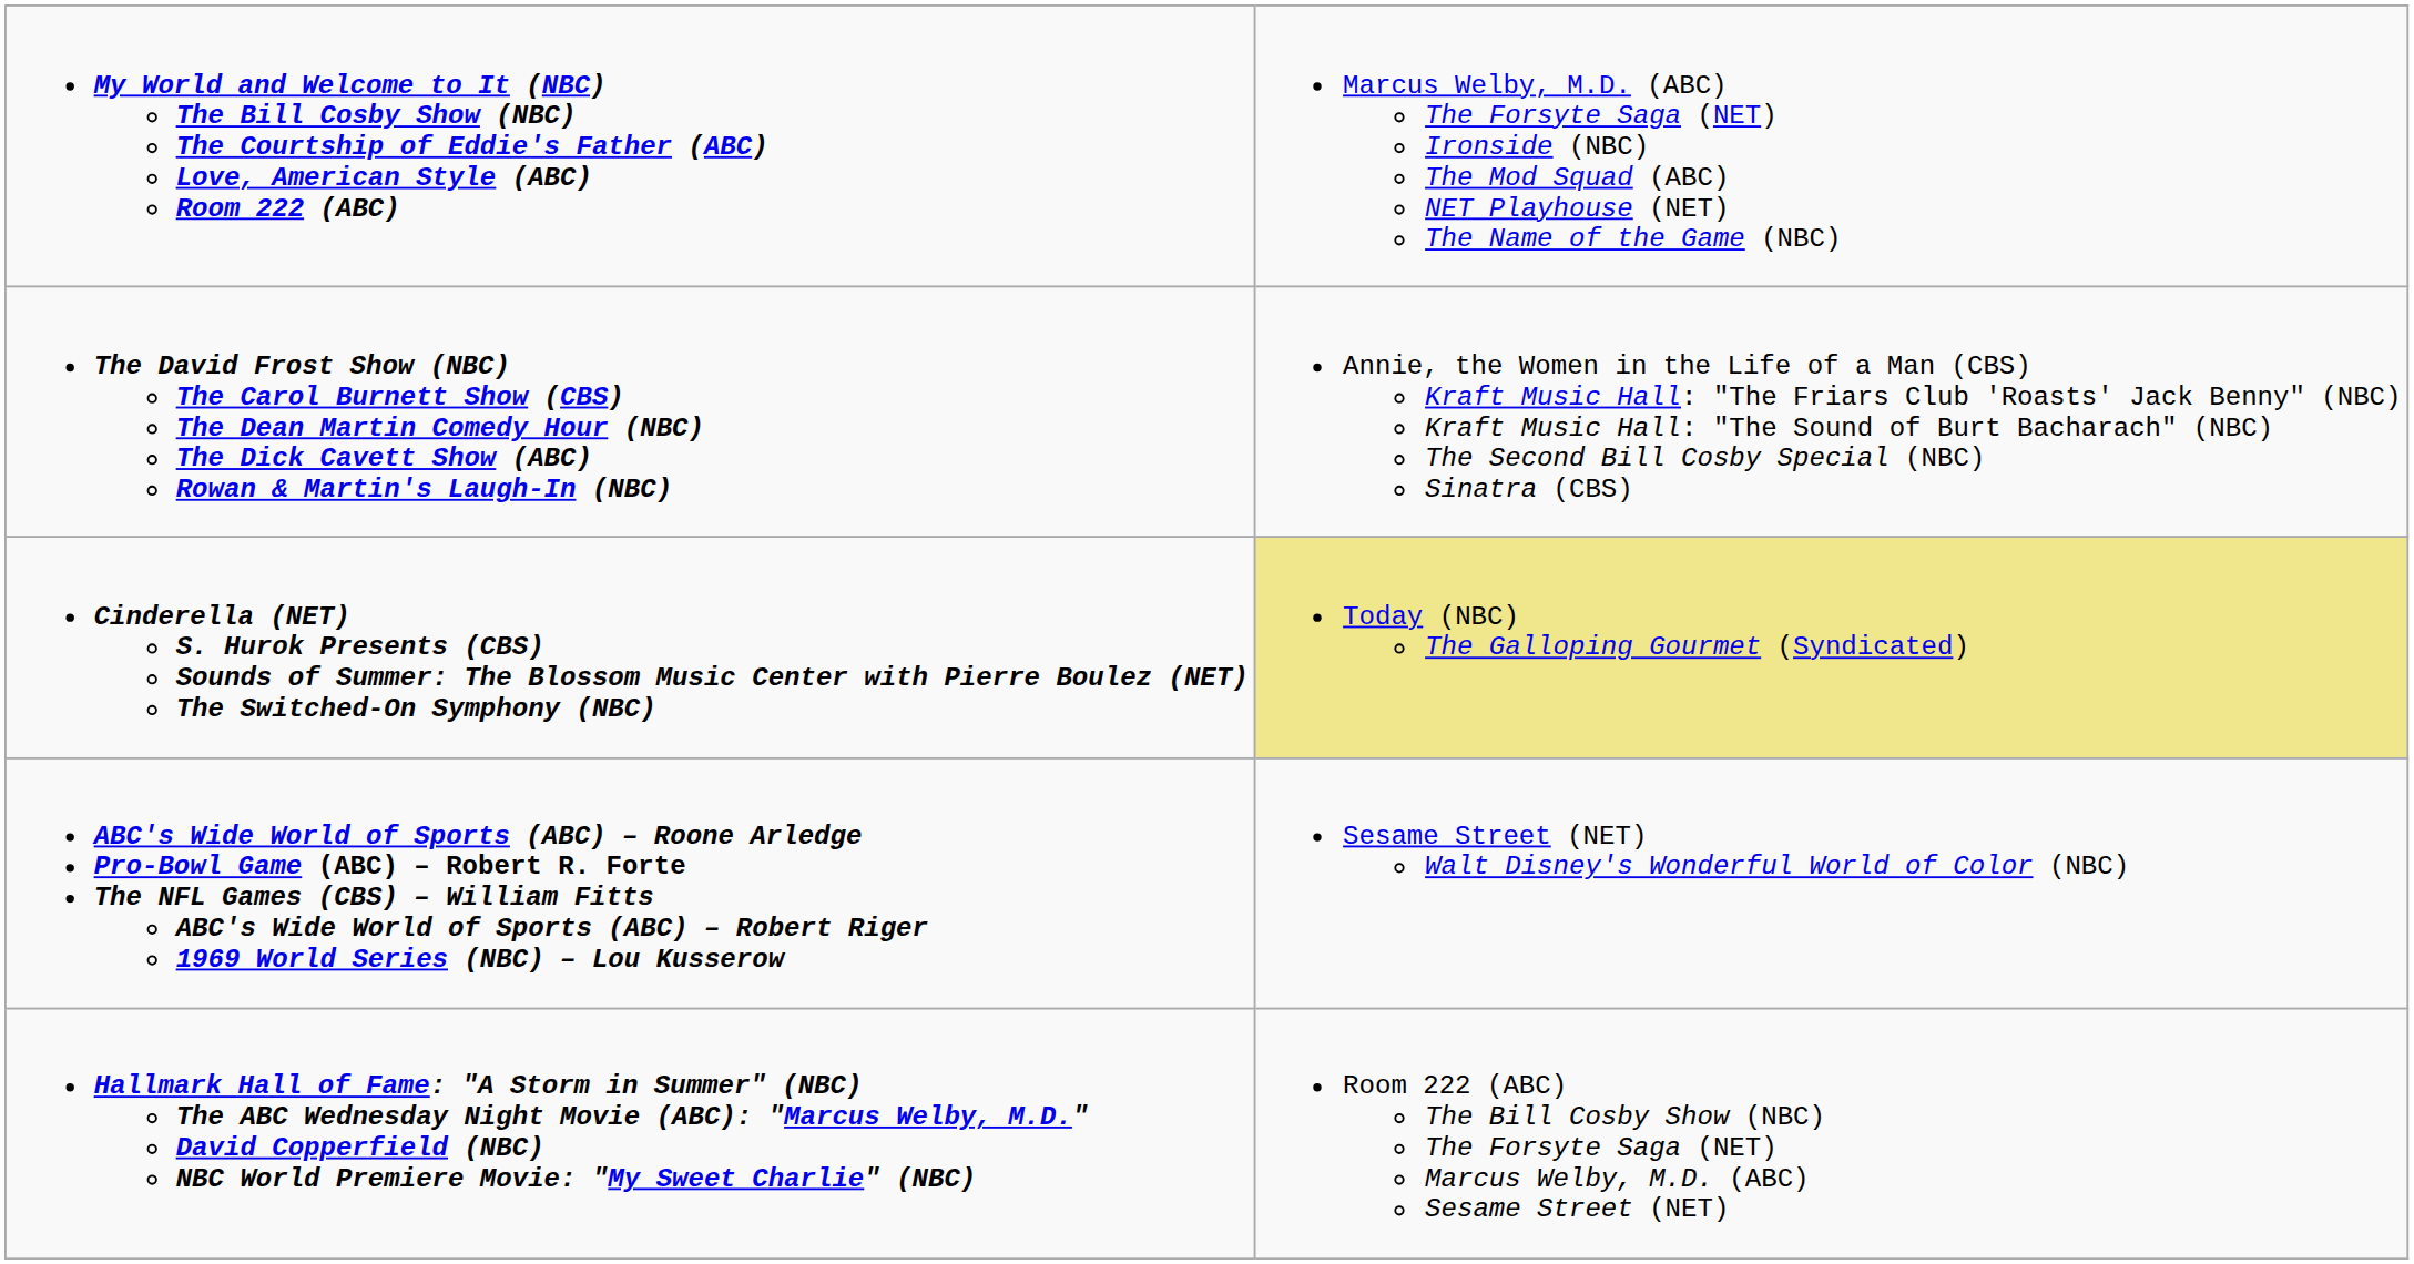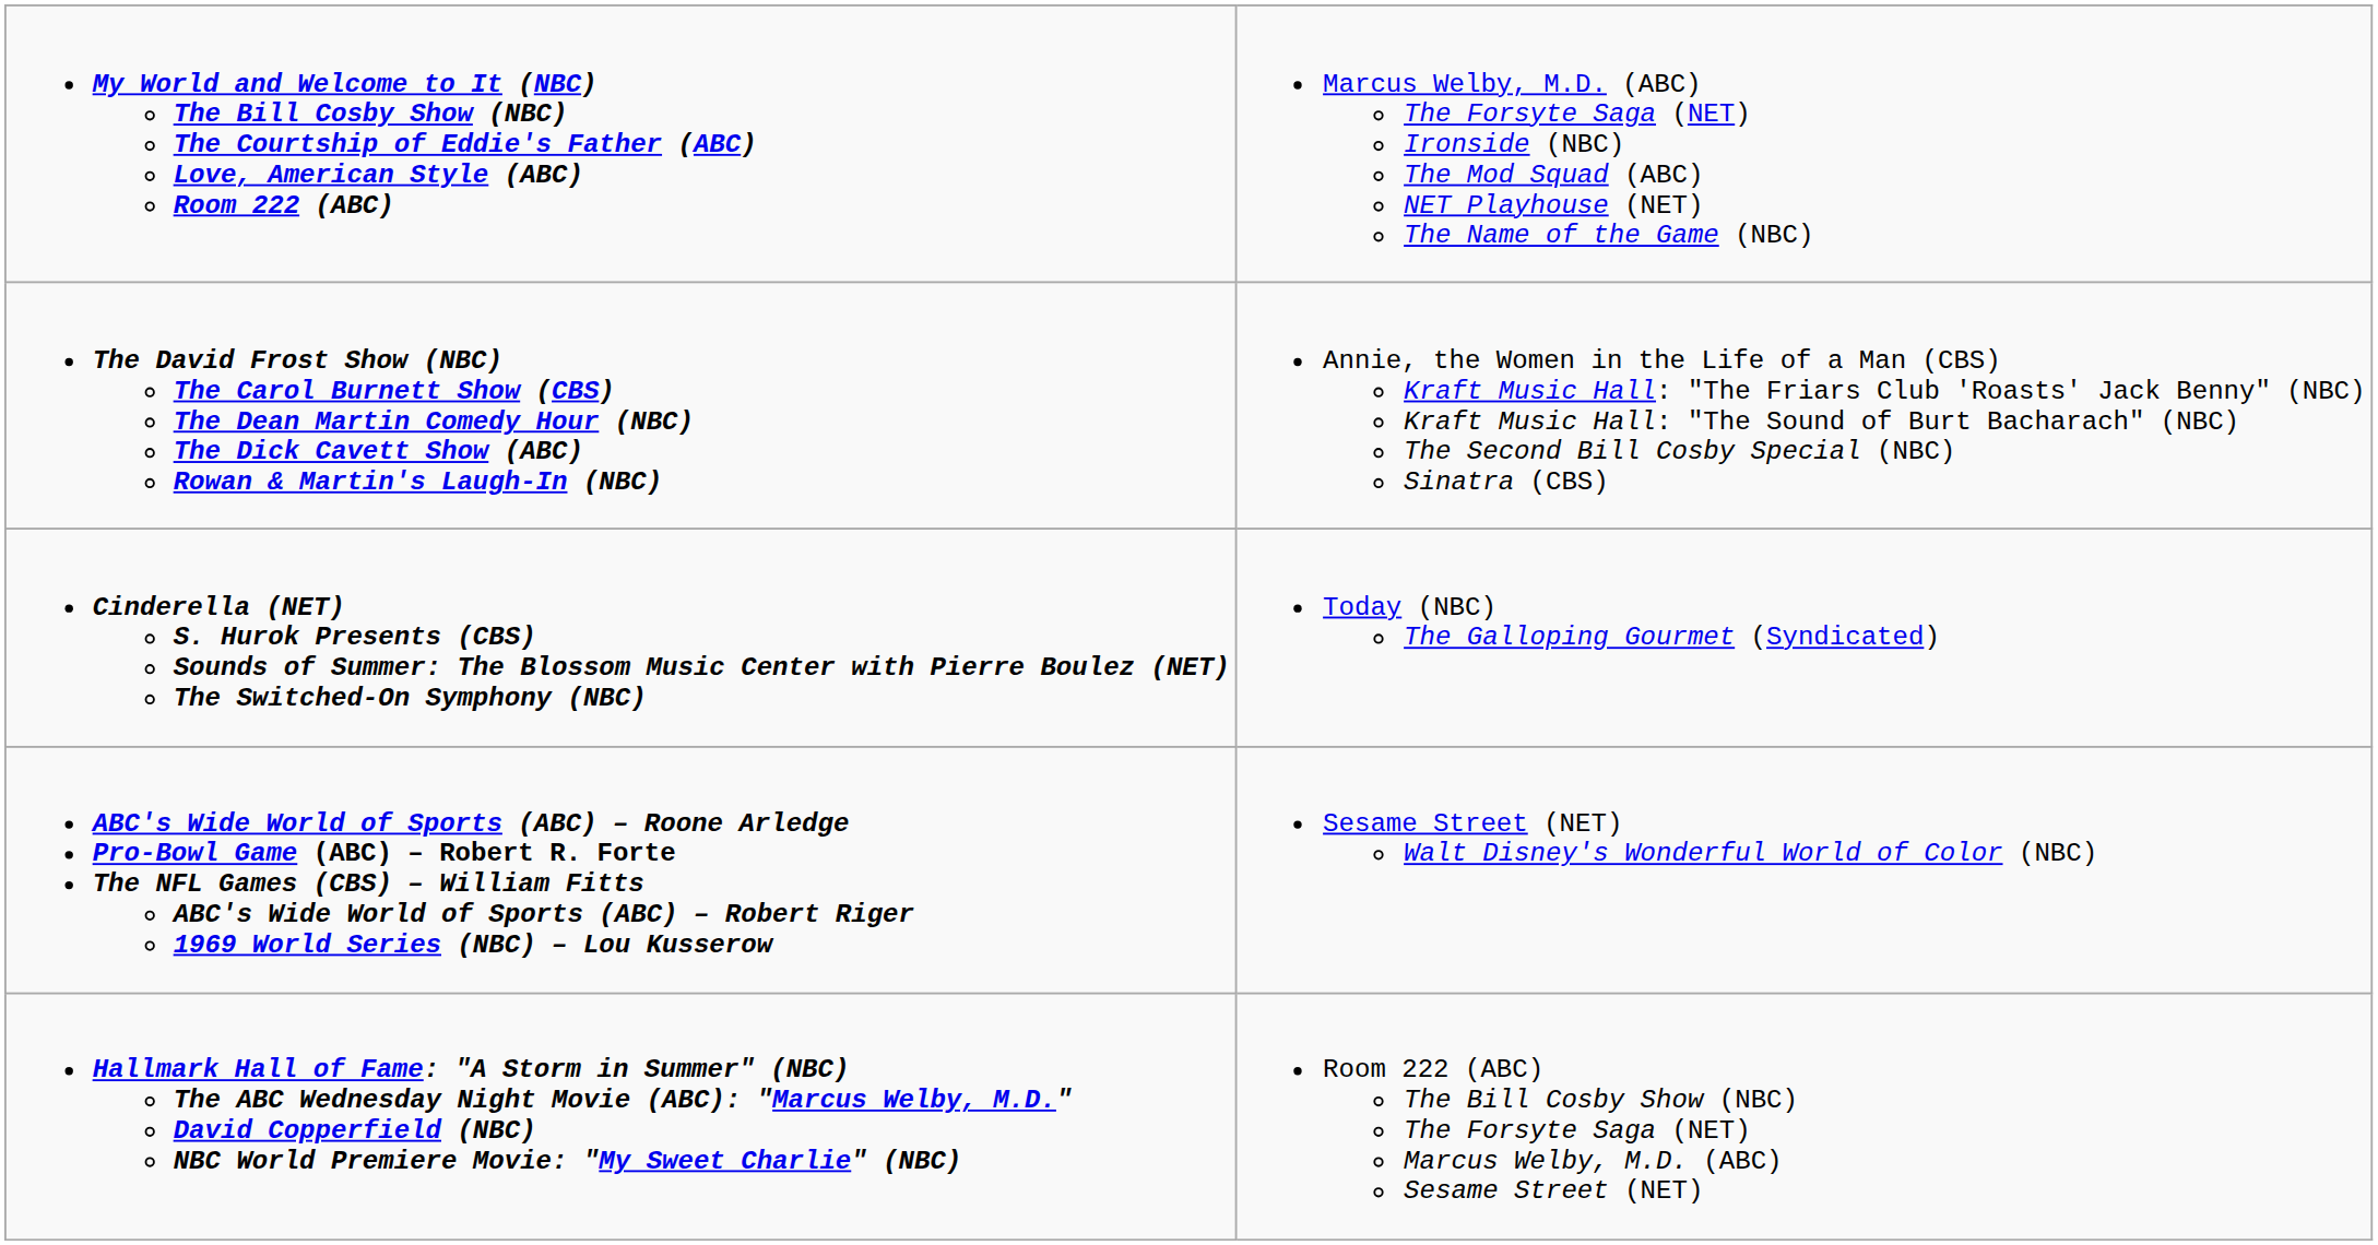 <table class="wikitable">
 <tr>
 <td style="vertical-align:top;"><br><ul><li><strong><em><a href='#'>My World and Welcome to It</a><em> (<a href='#'>NBC</a>)<strong><ul><li></em><a href='#'>The Bill Cosby Show</a><em> (NBC)</li><li></em><a href='#'>The Courtship of Eddie's Father</a><em> (<a href='#'>ABC</a>)</li><li></em><a href='#'>Love, American Style</a><em> (ABC)</li><li></em><a href='#'>Room 222</a><em> (ABC)</li></ul></li></ul></td>
 <td style="vertical-align:top;"><br><ul><li></em></strong><a href='#'>Marcus Welby, M.D.</a></em> (ABC)</strong><ul><li><em><a href='#'>The Forsyte Saga</a></em> (<a href='#'>NET</a>)</li><li><em><a href='#'>Ironside</a></em> (NBC)</li><li><em><a href='#'>The Mod Squad</a></em> (ABC)</li><li><em><a href='#'>NET Playhouse</a></em> (NET)</li><li><em><a href='#'>The Name of the Game</a></em> (NBC)</li></ul></li></ul></td>
 </tr>
 <tr>
 <td style="vertical-align:top;"><br><ul><li><strong><em>The David Frost Show<em> (NBC)<strong><ul><li></em><a href='#'>The Carol Burnett Show</a><em> (<a href='#'>CBS</a>)</li><li></em><a href='#'>The Dean Martin Comedy Hour</a><em> (NBC)</li><li></em><a href='#'>The Dick Cavett Show</a><em> (ABC)</li><li></em><a href='#'>Rowan & Martin's Laugh-In</a><em> (NBC)</li></ul></li></ul></td>
 <td style="vertical-align:top;"><br><ul><li></em></strong>Annie, the Women in the Life of a Man</em> (CBS)</strong><ul><li><em><a href='#'>Kraft Music Hall</a></em>: "The Friars Club 'Roasts' Jack Benny" (NBC)</li><li><em>Kraft Music Hall</em>: "The Sound of Burt Bacharach" (NBC)</li><li><em>The Second Bill Cosby Special</em> (NBC)</li><li><em>Sinatra</em> (CBS)</li></ul></li></ul></td>
 </tr>
 <tr>
 <td style="vertical-align:top;"><br><ul><li><strong><em>Cinderella<em> (NET)<strong><ul><li></em>S. Hurok Presents<em> (CBS)</li><li></em>Sounds of Summer: The Blossom Music Center with Pierre Boulez<em> (NET)</li><li></em>The Switched-On Symphony<em> (NBC)</li></ul></li></ul></td>
-<td style="background: khaki; vertical-align:top;"><br><ul><li></em></strong><a href='#'>Today</a></em> (NBC)</strong><ul><li><em><a href='#'>The Galloping Gourmet</a></em> (<a href='#'>Syndicated</a>)</li></ul></li></ul></td>
+<td style="vertical-align:top;"><br><ul><li></em></strong><a href='#'>Today</a></em> (NBC)</strong><ul><li><em><a href='#'>The Galloping Gourmet</a></em> (<a href='#'>Syndicated</a>)</li></ul></li></ul></td>
 </tr>
 <tr>
 <td style="vertical-align:top;"><br><ul><li><strong><em><a href='#'>ABC's Wide World of Sports</a><em> (ABC) – Roone Arledge<strong></li><li></em></strong><a href='#'>Pro-Bowl Game</a></em> (ABC) – Robert R. Forte</strong></li><li><strong><em>The NFL Games<em> (CBS) – William Fitts<strong><ul><li></em>ABC's Wide World of Sports<em> (ABC) – Robert Riger</li><li></em><a href='#'>1969 World Series</a><em> (NBC) – Lou Kusserow</li></ul></li></ul></td>
 <td style="vertical-align:top;"><br><ul><li></em></strong><a href='#'>Sesame Street</a></em> (NET)</strong><ul><li><em><a href='#'>Walt Disney's Wonderful World of Color</a></em> (NBC)</li></ul></li></ul></td>
 </tr>
 <tr>
 <td style="vertical-align:top;"><br><ul><li><strong><em><a href='#'>Hallmark Hall of Fame</a><em>: "A Storm in Summer" (NBC)<strong><ul><li></em>The ABC Wednesday Night Movie<em> (ABC): "<a href='#'>Marcus Welby, M.D.</a>"</li><li></em><a href='#'>David Copperfield</a><em> (NBC)</li><li></em>NBC World Premiere Movie<em>: "<a href='#'>My Sweet Charlie</a>" (NBC)</li></ul></li></ul></td>
 <td style="vertical-align:top;"><br><ul><li></em></strong>Room 222</em> (ABC)</strong><ul><li><em>The Bill Cosby Show</em> (NBC)</li><li><em>The Forsyte Saga</em> (NET)</li><li><em>Marcus Welby, M.D.</em> (ABC)</li><li><em>Sesame Street</em> (NET)</li></ul></li></ul></td>
 </tr>
 </table>
